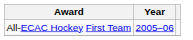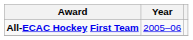 <table class="wikitable">
 <tr>
 <th>Award</th>
 <th>Year</th>
 <th></th>
 </tr>
 <tr>
-<td>All-<a href='#'>ECAC Hockey</a> <a href='#'>First Team</a></td>
+<td><strong>All-<a href='#'>ECAC Hockey</a> <a href='#'>First Team</a></strong></td>
 <td><a href='#'>2005–06</a></td>
 <td></td>
 </tr>
 <tr>
 </tr>
 </table>
